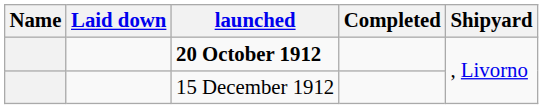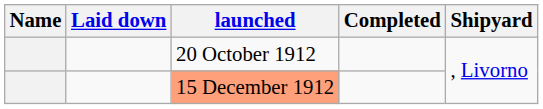 <table class="wikitable plainrowheaders">
 <tr>
 <th scope="col">Name</th>
 <th scope="col"><a href='#'>Laid down</a></th>
 <th scope="col"><a href='#'>launched</a></th>
 <th scope="col">Completed</th>
 <th scope="col">Shipyard</th>
 </tr>
 <tr>
 <th scope="row"></th>
 <td></td>
-<td><strong>20 October 1912</strong></td>
+<td>20 October 1912</td>
 <td></td>
 <td rowspan="2">, <a href='#'>Livorno</a></td>
 </tr>
 <tr>
 <th scope="row"></th>
 <td></td>
-<td>15 December 1912</td>
+<td style="background: lightsalmon;">15 December 1912</td>
 <td></td>
 </tr>
 </table>
